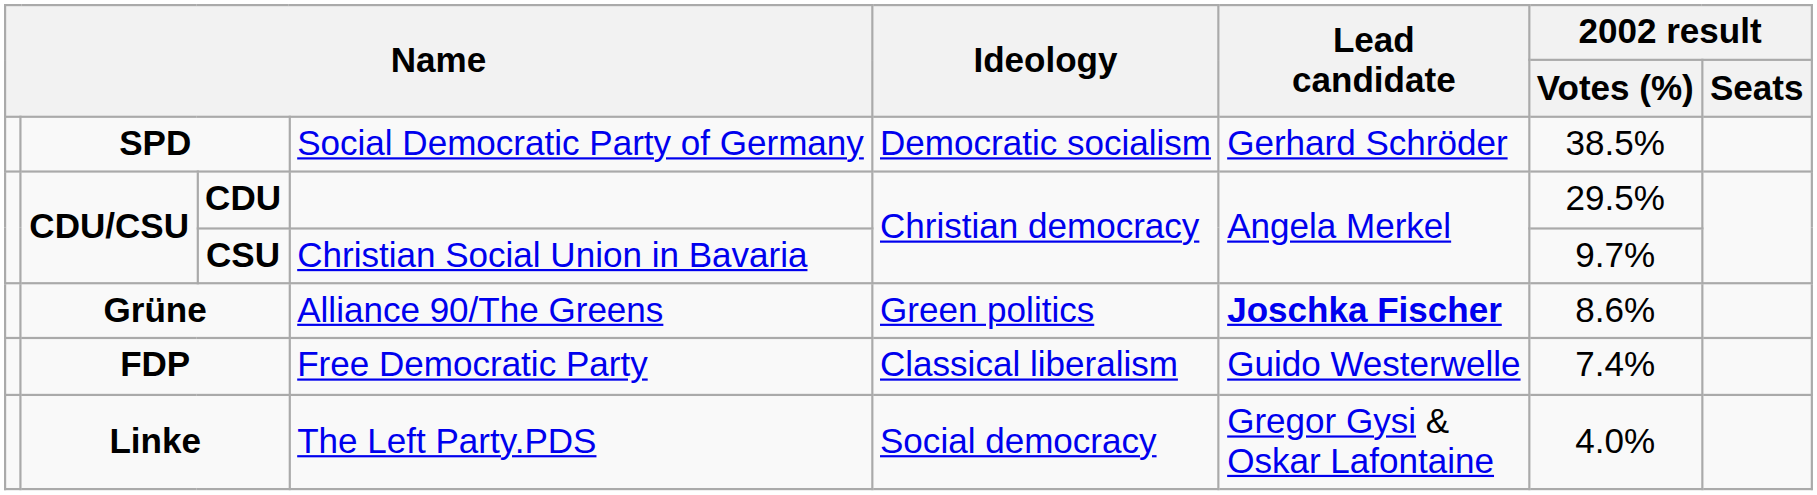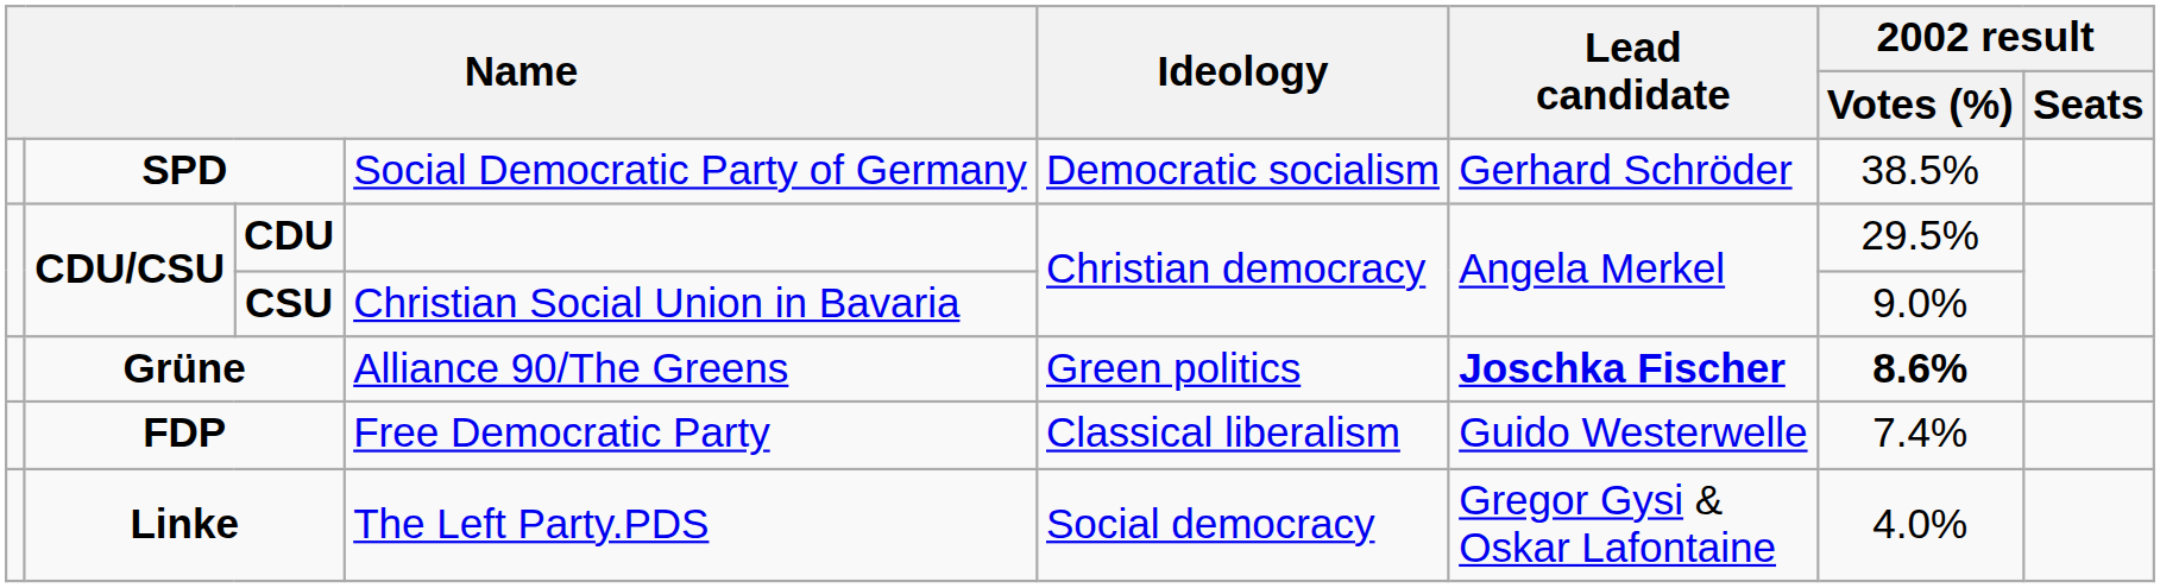 <table class="wikitable">
 <tr>
 <th rowspan="2" colspan="4">Name</th>
 <th rowspan="2">Ideology</th>
 <th rowspan="2">Lead<br>candidate</th>
 <th colspan="2">2002 result</th>
 </tr>
 <tr>
 <th>Votes (%)</th>
 <th>Seats</th>
 </tr>
 <tr>
 <td style="background:"></td>
 <td colspan="2" style="text-align:center;"><strong>SPD</strong></td>
 <td><a href='#'>Social Democratic Party of Germany</a><br></td>
 <td><a href='#'>Democratic socialism</a></td>
 <td><a href='#'>Gerhard Schröder</a></td>
 <td style="text-align:center;">38.5%</td>
 <td></td>
 </tr>
 <tr>
 <td rowspan="2" style="background:"></td>
 <td rowspan="2" style="text-align:center;"><strong>CDU/CSU</strong></td>
 <td style="text-align:center;"><strong>CDU</strong></td>
 <td></td>
 <td rowspan="2"><a href='#'>Christian democracy</a></td>
 <td rowspan="2"><a href='#'>Angela Merkel</a></td>
 <td style="text-align:center;">29.5%</td>
 <td rowspan="2"></td>
 </tr>
 <tr>
 <td style="text-align:center;"><strong>CSU</strong></td>
 <td><a href='#'>Christian Social Union in Bavaria</a><br></td>
-<td style="text-align:center;">9.7%</td>
+<td style="text-align:center;">9.0%</td>
 </tr>
 <tr>
 <td style="background:"></td>
 <td colspan="2" style="text-align:center;"><strong>Grüne</strong></td>
 <td><a href='#'>Alliance 90/The Greens</a><br></td>
 <td><a href='#'>Green politics</a></td>
 <td><strong><a href='#'>Joschka Fischer</a></strong></td>
-<td style="text-align:center;">8.6%</td>
+<td style="text-align:center;"><strong>8.6%</strong></td>
 <td></td>
 </tr>
 <tr>
 <td style="background:"></td>
 <td colspan="2" style="text-align:center;"><strong>FDP</strong></td>
 <td><a href='#'>Free Democratic Party</a><br></td>
 <td><a href='#'>Classical liberalism</a></td>
 <td><a href='#'>Guido Westerwelle</a></td>
 <td style="text-align:center;">7.4%</td>
 <td></td>
 </tr>
 <tr>
 <td style="background:"></td>
 <td colspan="2" style="text-align:center;"><strong>Linke</strong></td>
 <td><a href='#'>The Left Party.PDS</a><br></td>
 <td><a href='#'>Social democracy</a></td>
 <td><a href='#'>Gregor Gysi</a> &<br><a href='#'>Oskar Lafontaine</a></td>
 <td style="text-align:center;">4.0%</td>
 <td></td>
 </tr>
 </table>
